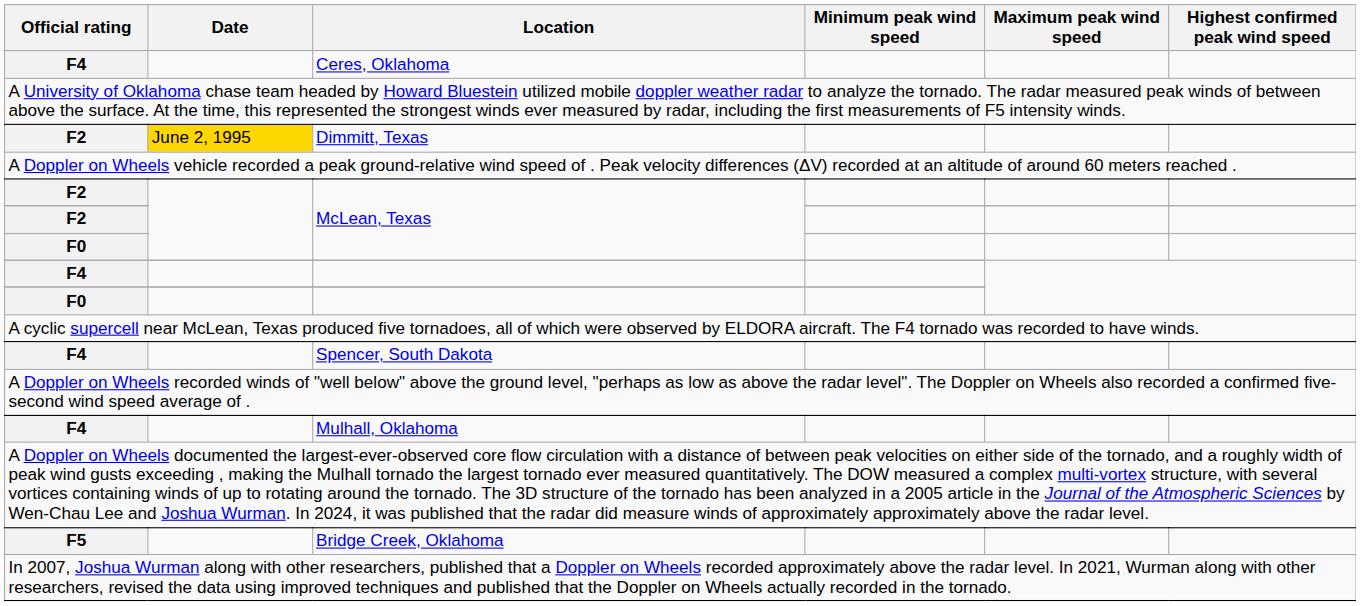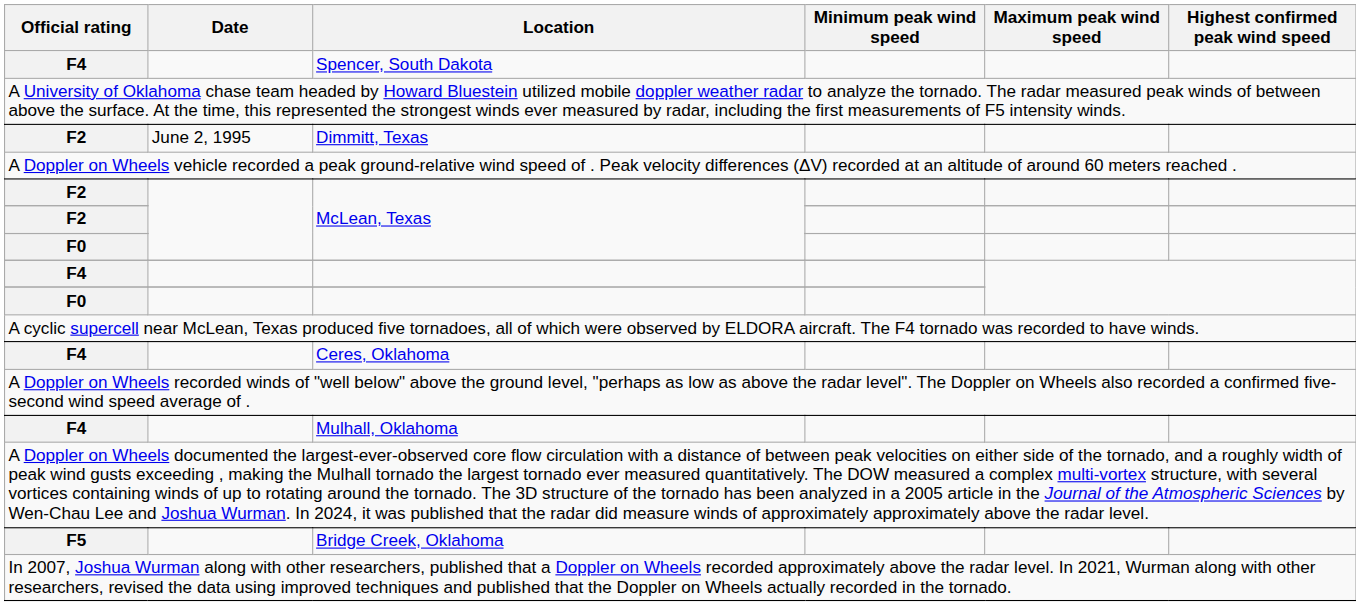 <table class="wikitable sortable" style="width:100%;">
 <tr>
 <th scope="col" style="width:4%;" class="unsortable">Official rating</th>
 <th scope="col" style="width:5%;">Date</th>
 <th scope="col" style="width:15%;" class="unsortable">Location</th>
 <th scope="col" style="width:5%;">Minimum peak wind speed</th>
 <th scope="col" style="width:5%;">Maximum peak wind speed</th>
 <th scope="col" style="width:5%;">Highest confirmed peak wind speed</th>
 </tr>
 <tr>
 <th style="background-color:#">F4</th>
 <td></td>
-<td><a href='#'>Ceres, Oklahoma</a></td>
+<td><a href='#'>Spencer, South Dakota</a></td>
 <td></td>
 <td></td>
 <td><strong></strong></td>
 </tr>
 <tr class="expand-child">
 <td colspan="6" style=" border-bottom: 1px solid black;">A <a href='#'>University of Oklahoma</a> chase team headed by <a href='#'>Howard Bluestein</a> utilized mobile <a href='#'>doppler weather radar</a> to analyze the tornado. The radar measured peak winds of  between  above the surface. At the time, this represented the strongest winds ever measured by radar, including the first measurements of F5 intensity winds.</td>
 </tr>
 <tr>
 <th style="background-color:#">F2</th>
-<td style="background: gold;">June 2, 1995</td>
+<td>June 2, 1995</td>
 <td><a href='#'>Dimmitt, Texas</a></td>
 <td></td>
 <td></td>
 <td><strong></strong></td>
 </tr>
 <tr class="expand-child">
 <td colspan="6" style=" border-bottom: 1px solid black;">A <a href='#'>Doppler on Wheels</a> vehicle recorded a peak ground-relative wind speed of . Peak velocity differences (ΔV) recorded at an altitude of around 60 meters reached .</td>
 </tr>
 <tr>
 <th style="background-color:#">F2</th>
 <td rowspan = 5></td>
 <td rowspan = 5><a href='#'>McLean, Texas</a></td>
 <td></td>
 <td></td>
 <td><strong></strong></td>
 </tr>
 <tr class="expand-child">
 </tr>
 <tr>
 <th style="background-color:#">F2</th>
 <td></td>
 <td></td>
 <td></td>
 </tr>
 <tr class="expand-child">
 </tr>
 <tr>
 <th style="background-color:#">F0</th>
 <td></td>
 <td></td>
 <td></td>
 </tr>
 <tr class="expand-child">
 </tr>
 <tr>
 <th style="background-color:#">F4</th>
 <td></td>
 <td></td>
 <td><strong></strong></td>
 </tr>
 <tr class="expand-child">
 </tr>
 <tr>
 <th style="background-color:#">F0</th>
 <td></td>
 <td></td>
 <td></td>
 </tr>
 <tr class="expand-child">
 <td colspan="6" style=" border-bottom: 1px solid black;">A cyclic <a href='#'>supercell</a> near McLean, Texas produced five tornadoes, all of which were observed by ELDORA aircraft. The F4 tornado was recorded to have  winds.</td>
 </tr>
 <tr>
 <th style="background-color:#">F4</th>
 <td></td>
-<td><a href='#'>Spencer, South Dakota</a></td>
+<td><a href='#'>Ceres, Oklahoma</a></td>
 <td></td>
 <td></td>
 <td><strong></strong></td>
 </tr>
 <tr class="expand-child">
 <td colspan="6" style=" border-bottom: 1px solid black;">A <a href='#'>Doppler on Wheels</a> recorded winds of  "well below"  above the ground level, "perhaps as low as  above the radar level". The Doppler on Wheels also recorded a confirmed five-second wind speed average of .</td>
 </tr>
 <tr>
 <th style="background-color:#">F4</th>
 <td></td>
 <td><a href='#'>Mulhall, Oklahoma</a></td>
 <td></td>
 <td></td>
 <td><strong></strong></td>
 </tr>
 <tr class="expand-child">
 <td colspan="6" style=" border-bottom: 1px solid black;">A <a href='#'>Doppler on Wheels</a> documented the largest-ever-observed core flow circulation with a distance of  between peak velocities on either side of the tornado, and a roughly  width of peak wind gusts exceeding , making the Mulhall tornado the largest tornado ever measured quantitatively. The DOW measured a complex <a href='#'>multi-vortex</a> structure, with several vortices containing winds of up to  rotating around the tornado. The 3D structure of the tornado has been analyzed in a 2005 article in the <em><a href='#'>Journal of the Atmospheric Sciences</a></em> by Wen-Chau Lee and <a href='#'>Joshua Wurman</a>. In 2024, it was published that the radar did measure winds of approximately  approximately  above the radar level.</td>
 </tr>
 <tr>
 <th style="background-color:#">F5</th>
 <td></td>
 <td><a href='#'>Bridge Creek, Oklahoma</a></td>
 <td></td>
 <td></td>
 <td><strong></strong></td>
 </tr>
 <tr class="expand-child">
 <td colspan="6" style=" border-bottom: 1px solid black;">In 2007, <a href='#'>Joshua Wurman</a> along with other researchers, published that a <a href='#'>Doppler on Wheels</a> recorded  approximately  above the radar level. In 2021, Wurman along with other researchers, revised the data using improved techniques and published that the Doppler on Wheels actually recorded  in the tornado.</td>
 </tr>
 </table>
